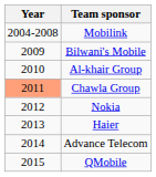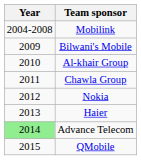 <table class="wikitable sortable" style="text-align: center;">
 <tr>
 <th>Year</th>
 <th>Team sponsor</th>
 </tr>
 <tr>
 <td>2004-2008</td>
 <td><a href='#'>Mobilink</a></td>
 </tr>
 <tr>
 <td>2009</td>
 <td><a href='#'>Bilwani's Mobile</a></td>
 </tr>
 <tr>
 <td>2010</td>
 <td><a href='#'>Al-khair Group</a></td>
 </tr>
 <tr>
-<td style="background: lightsalmon;">2011</td>
+<td>2011</td>
 <td><a href='#'>Chawla Group</a></td>
 </tr>
 <tr>
 <td>2012</td>
 <td><a href='#'>Nokia</a></td>
 </tr>
 <tr>
 <td>2013</td>
 <td><a href='#'>Haier</a></td>
 </tr>
 <tr>
-<td>2014</td>
+<td style="background: lightgreen;">2014</td>
 <td>Advance Telecom</td>
 </tr>
 <tr>
 <td>2015</td>
 <td><a href='#'>QMobile</a></td>
 </tr>
 </table>
